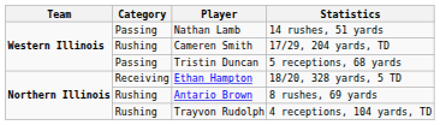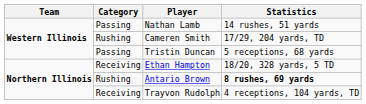 <table class="wikitable" style="float: right;">
 <tr>
 <th>Team</th>
 <th>Category</th>
 <th>Player</th>
 <th>Statistics</th>
 </tr>
 <tr>
 <td rowspan=3><strong>Western Illinois</strong></td>
 <td>Passing</td>
 <td>Nathan Lamb</td>
 <td>14 rushes, 51 yards</td>
 </tr>
 <tr>
 <td>Rushing</td>
 <td>Cameren Smith</td>
 <td>17/29, 204 yards, TD</td>
 </tr>
 <tr>
 <td>Passing</td>
 <td>Tristin Duncan</td>
 <td>5 receptions, 68 yards</td>
 </tr>
 <tr>
 <td rowspan=3><strong>Northern Illinois</strong></td>
 <td>Receiving</td>
 <td><a href='#'>Ethan Hampton</a></td>
 <td>18/20, 328 yards, 5 TD</td>
 </tr>
 <tr>
 <td>Rushing</td>
 <td><a href='#'>Antario Brown</a></td>
-<td>8 rushes, 69 yards</td>
+<td><strong>8 rushes, 69 yards</strong></td>
 </tr>
 <tr>
-<td>Rushing</td>
+<td>Receiving</td>
 <td>Trayvon Rudolph</td>
 <td>4 receptions, 104 yards, TD</td>
 </tr>
 </table>
